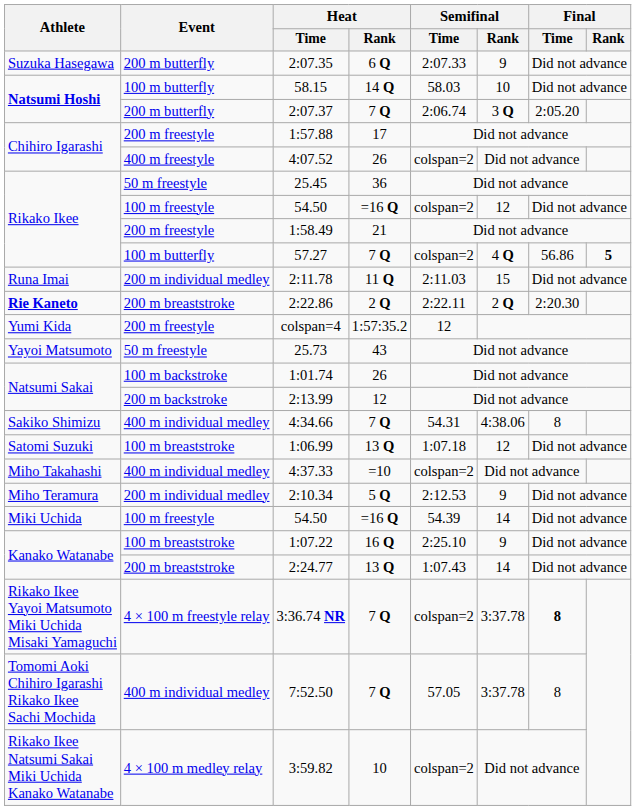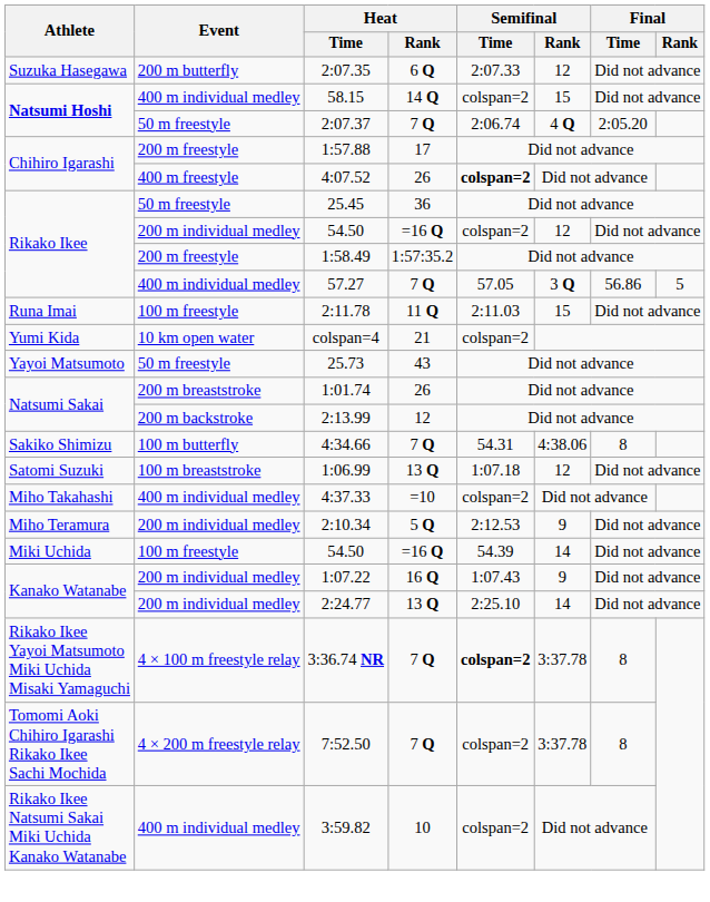 <table class=wikitable style="font-size:90%">
 <tr>
 <th rowspan="2">Athlete</th>
 <th rowspan="2">Event</th>
 <th colspan="2">Heat</th>
 <th colspan="2">Semifinal</th>
 <th colspan="2">Final</th>
 </tr>
 <tr style="font-size:95%">
 <th>Time</th>
 <th>Rank</th>
 <th>Time</th>
 <th>Rank</th>
 <th>Time</th>
 <th>Rank</th>
 </tr>
 <tr align=center>
 <td align=left><a href='#'>Suzuka Hasegawa</a></td>
 <td align=left><a href='#'>200 m butterfly</a></td>
 <td>2:07.35</td>
 <td>6 <strong>Q</strong></td>
 <td>2:07.33</td>
-<td>9</td>
+<td>12</td>
 <td colspan=2>Did not advance</td>
 </tr>
 <tr align=center>
 <td align=left rowspan=2><strong><a href='#'>Natsumi Hoshi</a></strong></td>
-<td align=left><a href='#'>100 m butterfly</a></td>
+<td align=left><a href='#'>400 m individual medley</a></td>
 <td>58.15</td>
 <td>14 <strong>Q</strong></td>
-<td>58.03</td>
-<td>10</td>
+<td>colspan=2 </td>
+<td>15</td>
 <td colspan=2>Did not advance</td>
 </tr>
 <tr align=center>
-<td align=left><a href='#'>200 m butterfly</a></td>
+<td align=left><a href='#'>50 m freestyle</a></td>
 <td>2:07.37</td>
 <td>7 <strong>Q</strong></td>
 <td>2:06.74</td>
-<td>3 <strong>Q</strong></td>
+<td>4 <strong>Q</strong></td>
 <td>2:05.20</td>
 <td></td>
 </tr>
 <tr align=center>
 <td align=left rowspan=2><a href='#'>Chihiro Igarashi</a></td>
 <td align=left><a href='#'>200 m freestyle</a></td>
 <td>1:57.88</td>
 <td>17</td>
 <td colspan=4>Did not advance</td>
 </tr>
 <tr align=center>
 <td align=left><a href='#'>400 m freestyle</a></td>
 <td>4:07.52</td>
 <td>26</td>
-<td>colspan=2 </td>
+<td><strong>colspan=2 </strong></td>
 <td colspan=2>Did not advance</td>
 </tr>
 <tr align=center>
 <td align=left rowspan=4><a href='#'>Rikako Ikee</a></td>
 <td align=left><a href='#'>50 m freestyle</a></td>
 <td>25.45</td>
 <td>36</td>
 <td colspan=4>Did not advance</td>
 </tr>
 <tr align=center>
-<td align=left><a href='#'>100 m freestyle</a></td>
+<td align=left><a href='#'>200 m individual medley</a></td>
 <td>54.50</td>
 <td>=16 <strong>Q</strong></td>
 <td>colspan=2 </td>
 <td>12</td>
 <td colspan=2>Did not advance</td>
 </tr>
 <tr align=center>
 <td align=left><a href='#'>200 m freestyle</a></td>
 <td>1:58.49</td>
-<td>21</td>
+<td>1:57:35.2</td>
 <td colspan=4>Did not advance</td>
 </tr>
 <tr align=center>
-<td align=left><a href='#'>100 m butterfly</a></td>
+<td align=left><a href='#'>400 m individual medley</a></td>
 <td>57.27</td>
 <td>7 <strong>Q</strong></td>
-<td>colspan=2 </td>
-<td>4 <strong>Q</strong></td>
+<td>57.05</td>
+<td>3 <strong>Q</strong></td>
 <td>56.86</td>
-<td><strong>5</strong></td>
+<td>5</td>
 </tr>
 <tr align=center>
 <td align=left><a href='#'>Runa Imai</a></td>
-<td align=left><a href='#'>200 m individual medley</a></td>
+<td align=left><a href='#'>100 m freestyle</a></td>
 <td>2:11.78</td>
 <td>11 <strong>Q</strong></td>
 <td>2:11.03</td>
 <td>15</td>
 <td colspan=2>Did not advance</td>
 </tr>
 <tr align=center>
-<td align=left><strong><a href='#'>Rie Kaneto</a></strong></td>
-<td align=left><a href='#'>200 m breaststroke</a></td>
-<td>2:22.86</td>
-<td>2 <strong>Q</strong></td>
-<td>2:22.11</td>
-<td>2 <strong>Q</strong></td>
-<td>2:20.30</td>
-<td></td>
-</tr>
-<tr align=center>
 <td align=left><a href='#'>Yumi Kida</a></td>
-<td align=left><a href='#'>200 m freestyle</a></td>
+<td align=left><a href='#'>10 km open water</a></td>
 <td>colspan=4 </td>
-<td>1:57:35.2</td>
-<td>12</td>
+<td>21</td>
+<td>colspan=2 </td>
 </tr>
 <tr align=center>
 <td align=left><a href='#'>Yayoi Matsumoto</a></td>
 <td align=left><a href='#'>50 m freestyle</a></td>
 <td>25.73</td>
 <td>43</td>
 <td colspan=4>Did not advance</td>
 </tr>
 <tr align=center>
 <td align=left rowspan=2><a href='#'>Natsumi Sakai</a></td>
-<td align=left><a href='#'>100 m backstroke</a></td>
+<td align=left><a href='#'>200 m breaststroke</a></td>
 <td>1:01.74</td>
 <td>26</td>
 <td colspan=4>Did not advance</td>
 </tr>
 <tr align=center>
 <td align=left><a href='#'>200 m backstroke</a></td>
 <td>2:13.99</td>
 <td>12</td>
 <td colspan=4>Did not advance</td>
 </tr>
 <tr align=center>
 <td align=left><a href='#'>Sakiko Shimizu</a></td>
-<td align=left><a href='#'>400 m individual medley</a></td>
+<td align=left><a href='#'>100 m butterfly</a></td>
 <td>4:34.66</td>
 <td>7 <strong>Q</strong></td>
 <td>54.31</td>
 <td>4:38.06</td>
 <td>8</td>
 </tr>
 <tr align=center>
 <td align=left><a href='#'>Satomi Suzuki</a></td>
 <td align=left><a href='#'>100 m breaststroke</a></td>
 <td>1:06.99</td>
 <td>13 <strong>Q</strong></td>
 <td>1:07.18</td>
 <td>12</td>
 <td colspan=2>Did not advance</td>
 </tr>
 <tr align=center>
 <td align=left><a href='#'>Miho Takahashi</a></td>
 <td align=left><a href='#'>400 m individual medley</a></td>
 <td>4:37.33</td>
 <td>=10</td>
 <td>colspan=2 </td>
 <td colspan=2>Did not advance</td>
 </tr>
 <tr align=center>
 <td align=left><a href='#'>Miho Teramura</a></td>
 <td align=left><a href='#'>200 m individual medley</a></td>
 <td>2:10.34</td>
 <td>5 <strong>Q</strong></td>
 <td>2:12.53</td>
 <td>9</td>
 <td colspan=2>Did not advance</td>
 </tr>
 <tr align=center>
 <td align=left><a href='#'>Miki Uchida</a></td>
 <td align=left><a href='#'>100 m freestyle</a></td>
 <td>54.50</td>
 <td>=16 <strong>Q</strong></td>
 <td>54.39</td>
 <td>14</td>
 <td colspan=2>Did not advance</td>
 </tr>
 <tr align=center>
 <td align=left rowspan=2><a href='#'>Kanako Watanabe</a></td>
-<td align=left><a href='#'>100 m breaststroke</a></td>
+<td align=left><a href='#'>200 m individual medley</a></td>
 <td>1:07.22</td>
 <td>16 <strong>Q</strong></td>
-<td>2:25.10</td>
+<td>1:07.43</td>
 <td>9</td>
 <td colspan=2>Did not advance</td>
 </tr>
 <tr align=center>
-<td align=left><a href='#'>200 m breaststroke</a></td>
+<td align=left><a href='#'>200 m individual medley</a></td>
 <td>2:24.77</td>
 <td>13 <strong>Q</strong></td>
-<td>1:07.43</td>
+<td>2:25.10</td>
 <td>14</td>
 <td colspan=2>Did not advance</td>
 </tr>
 <tr align=center>
 <td align=left><a href='#'>Rikako Ikee</a><br><a href='#'>Yayoi Matsumoto</a><br><a href='#'>Miki Uchida</a><br><a href='#'>Misaki Yamaguchi</a></td>
 <td align=left><a href='#'>4 × 100 m freestyle relay</a></td>
 <td>3:36.74 <strong><a href='#'>NR</a></strong></td>
 <td>7 <strong>Q</strong></td>
-<td>colspan=2 </td>
+<td><strong>colspan=2 </strong></td>
 <td>3:37.78</td>
-<td><strong>8</strong></td>
+<td>8</td>
 </tr>
 <tr align=center>
 <td align=left><a href='#'>Tomomi Aoki</a><br><a href='#'>Chihiro Igarashi</a><br><a href='#'>Rikako Ikee</a><br><a href='#'>Sachi Mochida</a></td>
-<td align=left><a href='#'>400 m individual medley</a></td>
+<td align=left><a href='#'>4 × 200 m freestyle relay</a></td>
 <td>7:52.50</td>
 <td>7 <strong>Q</strong></td>
-<td>57.05</td>
+<td>colspan=2 </td>
 <td>3:37.78</td>
 <td>8</td>
 </tr>
 <tr align=center>
 <td align=left><a href='#'>Rikako Ikee</a><br><a href='#'>Natsumi Sakai</a><br><a href='#'>Miki Uchida</a><br><a href='#'>Kanako Watanabe</a></td>
-<td align=left><a href='#'>4 × 100 m medley relay</a></td>
+<td align=left><a href='#'>400 m individual medley</a></td>
 <td>3:59.82</td>
 <td>10</td>
 <td>colspan=2 </td>
 <td colspan=2>Did not advance</td>
 </tr>
 </table>
